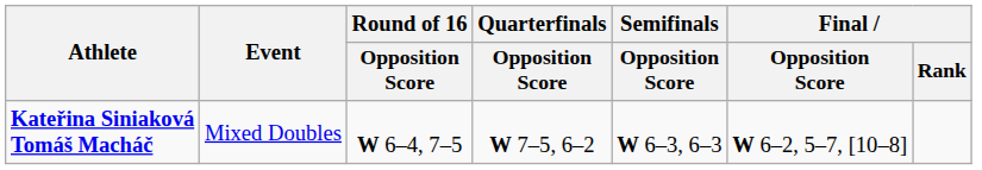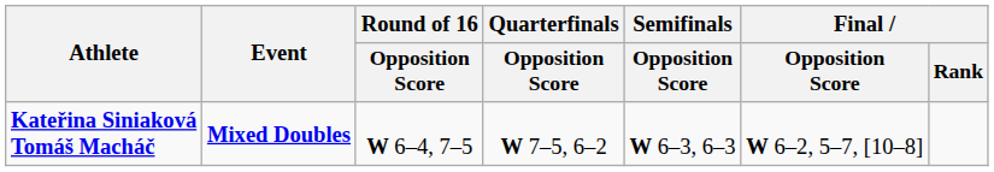 <table class=wikitable style=font-size:90%>
 <tr>
 <th rowspan=2>Athlete</th>
 <th rowspan=2>Event</th>
 <th>Round of 16</th>
 <th>Quarterfinals</th>
 <th>Semifinals</th>
 <th colspan=2>Final / </th>
 </tr>
 <tr style=font-size:95%>
 <th>Opposition<br>Score</th>
 <th>Opposition<br>Score</th>
 <th>Opposition<br>Score</th>
 <th>Opposition<br>Score</th>
 <th>Rank</th>
 </tr>
 <tr align=center>
 <td align=left><strong><a href='#'>Kateřina Siniaková</a><br><a href='#'>Tomáš Macháč</a></strong></td>
-<td align=left><a href='#'>Mixed Doubles</a></td>
+<td align=left><strong><a href='#'>Mixed Doubles</a></strong></td>
 <td><br><strong>W</strong> 6–4, 7–5</td>
 <td><br><strong>W</strong> 7–5, 6–2</td>
 <td><br><strong>W</strong> 6–3, 6–3</td>
 <td><br><strong>W</strong> 6–2, 5–7, [10–8]</td>
 <td></td>
 </tr>
 </table>
